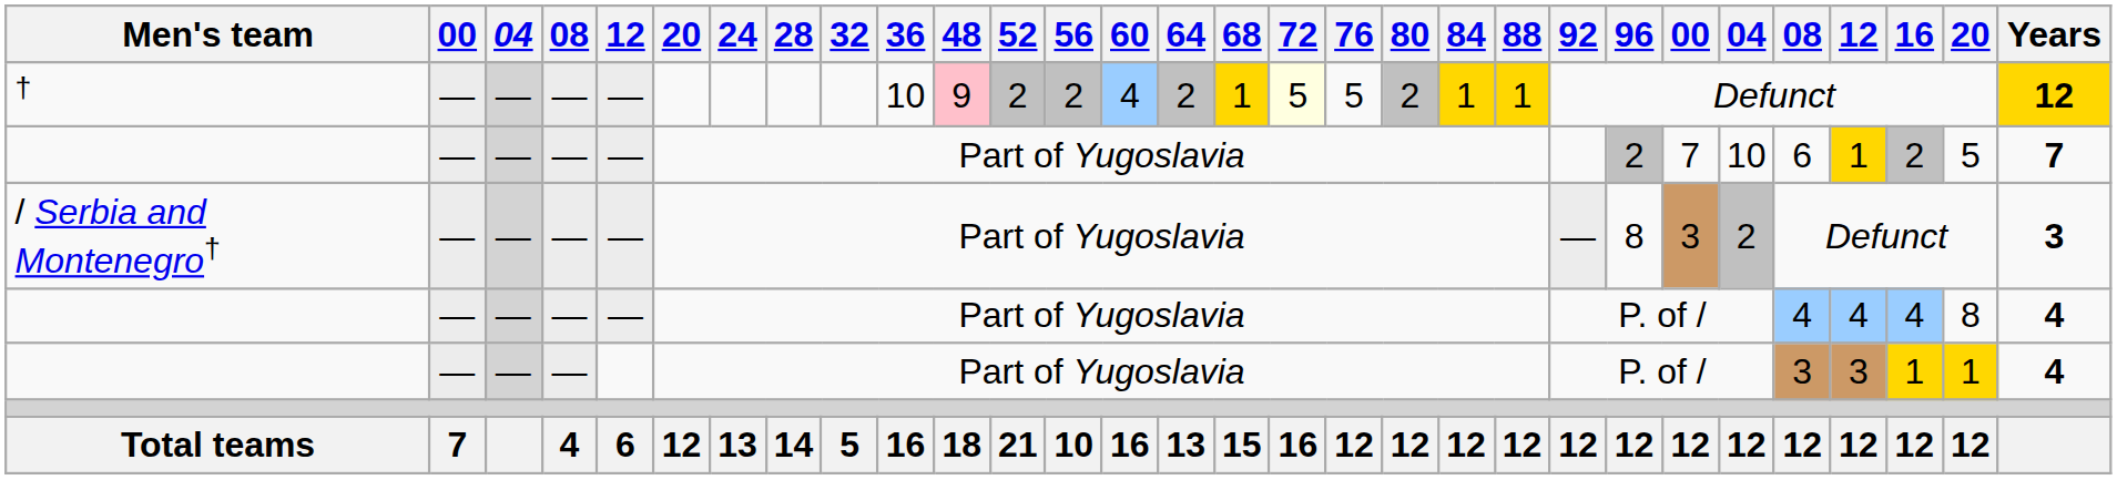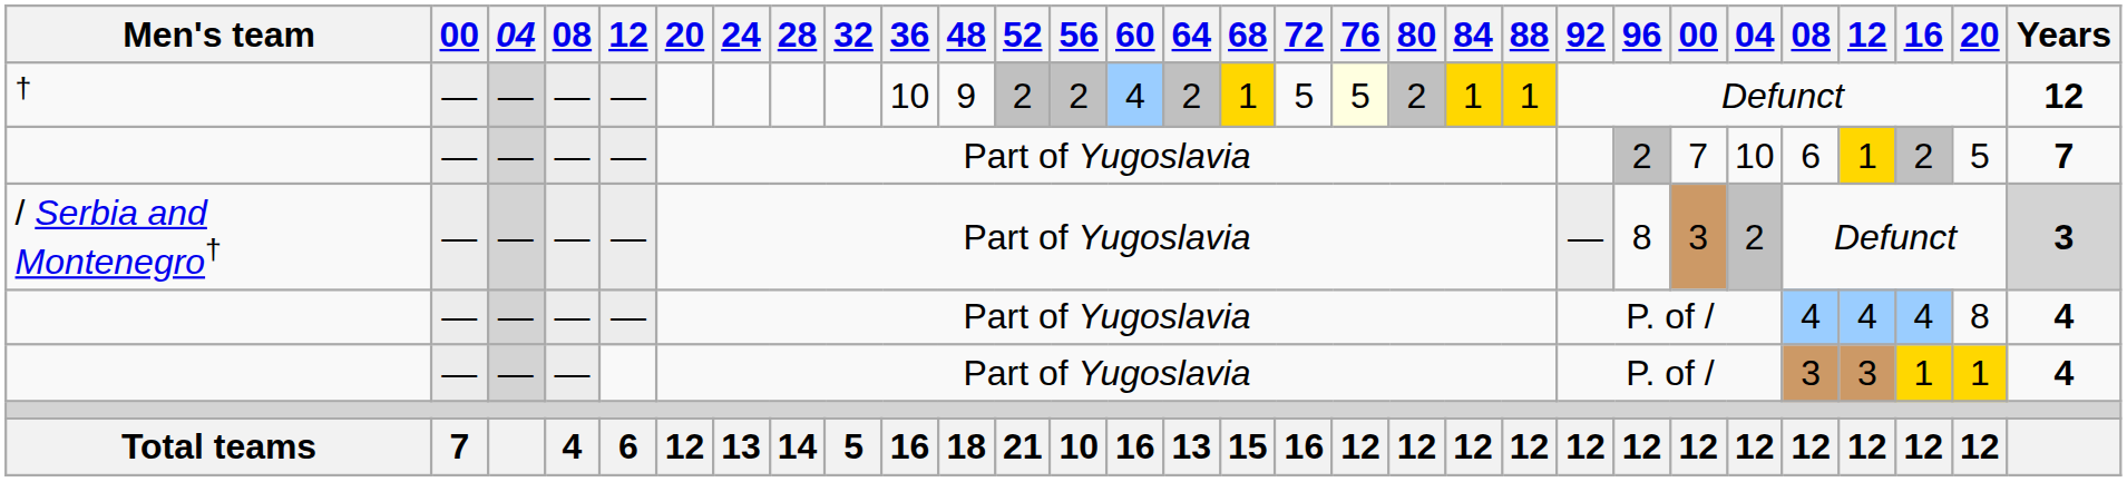 <table class="wikitable" style="text-align: center; font-size: 90%; margin-left: 1em;">
 <tr>
 <th>Men's team</th>
 <th><a href='#'>00</a></th>
 <th><em><a href='#'>04</a></em></th>
 <th><a href='#'>08</a></th>
 <th><a href='#'>12</a></th>
 <th><a href='#'>20</a></th>
 <th><a href='#'>24</a></th>
 <th><a href='#'>28</a></th>
 <th><a href='#'>32</a></th>
 <th><a href='#'>36</a></th>
 <th><a href='#'>48</a></th>
 <th><a href='#'>52</a></th>
 <th><a href='#'>56</a></th>
 <th><a href='#'>60</a></th>
 <th><a href='#'>64</a></th>
 <th><a href='#'>68</a></th>
 <th><a href='#'>72</a></th>
 <th><a href='#'>76</a></th>
 <th><a href='#'>80</a></th>
 <th><a href='#'>84</a></th>
 <th><a href='#'>88</a></th>
 <th><a href='#'>92</a></th>
 <th><a href='#'>96</a></th>
 <th><a href='#'>00</a></th>
 <th><a href='#'>04</a></th>
 <th><a href='#'>08</a></th>
 <th><a href='#'>12</a></th>
 <th><a href='#'>16</a></th>
 <th><a href='#'>20</a></th>
 <th>Years</th>
 </tr>
 <tr>
 <td style="text-align: left;"><em></em><sup>†</sup></td>
 <td style="background-color: #ececec;">—</td>
 <td style="background-color: lightgray;">—</td>
 <td style="background-color: #ececec;">—</td>
 <td style="background-color: #ececec;">—</td>
 <td></td>
 <td></td>
 <td></td>
 <td></td>
 <td>10</td>
-<td style="background: pink;">9</td>
+<td>9</td>
 <td style="background-color: silver;">2</td>
 <td style="background-color: silver;">2</td>
 <td style="background-color: #9acdff;">4</td>
 <td style="background-color: silver;">2</td>
 <td style="background-color: gold;">1</td>
+<td>5</td>
 <td style="background: lightyellow;">5</td>
-<td>5</td>
 <td style="background-color: silver;">2</td>
 <td style="background-color: gold;">1</td>
 <td style="background-color: gold;">1</td>
 <td colspan="8"><em>Defunct</em></td>
-<td style="background: gold;"><strong>12</strong></td>
+<td><strong>12</strong></td>
 </tr>
 <tr>
 <td style="text-align: left;"></td>
 <td style="background-color: #ececec;">—</td>
 <td style="background-color: lightgray;">—</td>
 <td style="background-color: #ececec;">—</td>
 <td style="background-color: #ececec;">—</td>
 <td colspan="16">Part of <em>Yugoslavia</em></td>
 <td></td>
 <td style="background-color: silver;">2</td>
 <td>7</td>
 <td>10</td>
 <td>6</td>
 <td style="background-color: gold;">1</td>
 <td style="background-color: silver;">2</td>
 <td>5</td>
 <td><strong>7</strong></td>
 </tr>
 <tr>
 <td style="text-align: left;"><em></em> / <em><a href='#'>Serbia and Montenegro</a></em><sup>†</sup></td>
 <td style="background-color: #ececec;">—</td>
 <td style="background-color: lightgray;">—</td>
 <td style="background-color: #ececec;">—</td>
 <td style="background-color: #ececec;">—</td>
 <td colspan="16">Part of <em>Yugoslavia</em></td>
 <td style="background-color: #ececec;">—</td>
 <td>8</td>
 <td style="background-color: #cc9966;">3</td>
 <td style="background-color: silver;">2</td>
 <td colspan="4"><em>Defunct</em></td>
-<td><strong>3</strong></td>
+<td style="background: lightgrey;"><strong>3</strong></td>
 </tr>
 <tr>
 <td style="text-align: left;"></td>
 <td style="background-color: #ececec;">—</td>
 <td style="background-color: lightgray;">—</td>
 <td style="background-color: #ececec;">—</td>
 <td style="background-color: #ececec;">—</td>
 <td colspan="16">Part of <em>Yugoslavia</em></td>
 <td colspan="4">P. of <em></em> / <em></em></td>
 <td style="background-color: #9acdff;">4</td>
 <td style="background-color: #9acdff;">4</td>
 <td style="background-color: #9acdff;">4</td>
 <td>8</td>
 <td><strong>4</strong></td>
 </tr>
 <tr>
 <td style="text-align: left;"></td>
 <td style="background-color: #ececec;">—</td>
 <td style="background-color: lightgray;">—</td>
 <td style="background-color: #ececec;">—</td>
 <td></td>
 <td colspan="16">Part of <em>Yugoslavia</em></td>
 <td colspan="4">P. of <em></em> / <em></em></td>
 <td style="background-color: #cc9966;">3</td>
 <td style="background-color: #cc9966;">3</td>
 <td style="background-color: gold;">1</td>
 <td style="background-color: gold;">1</td>
 <td><strong>4</strong></td>
 </tr>
 <tr style="background-color: lightgrey;">
 <td colspan="30"></td>
 </tr>
 <tr>
 <th>Total teams</th>
 <th>7</th>
 <th></th>
 <th>4</th>
 <th>6</th>
 <th>12</th>
 <th>13</th>
 <th>14</th>
 <th>5</th>
 <th>16</th>
 <th>18</th>
 <th>21</th>
 <th>10</th>
 <th>16</th>
 <th>13</th>
 <th>15</th>
 <th>16</th>
 <th>12</th>
 <th>12</th>
 <th>12</th>
 <th>12</th>
 <th>12</th>
 <th>12</th>
 <th>12</th>
 <th>12</th>
 <th>12</th>
 <th>12</th>
 <th>12</th>
 <th>12</th>
 <th></th>
 </tr>
 </table>
